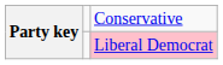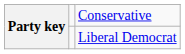 <table class=wikitable>
 <tr>
 <th rowspan=2>Party key</th>
 <td style="background:"></td>
 <td><a href='#'>Conservative</a></td>
 </tr>
 <tr>
 <td style="background:"></td>
-<td style="background: pink;"><a href='#'>Liberal Democrat</a></td>
+<td><a href='#'>Liberal Democrat</a></td>
 </tr>
 </table>
